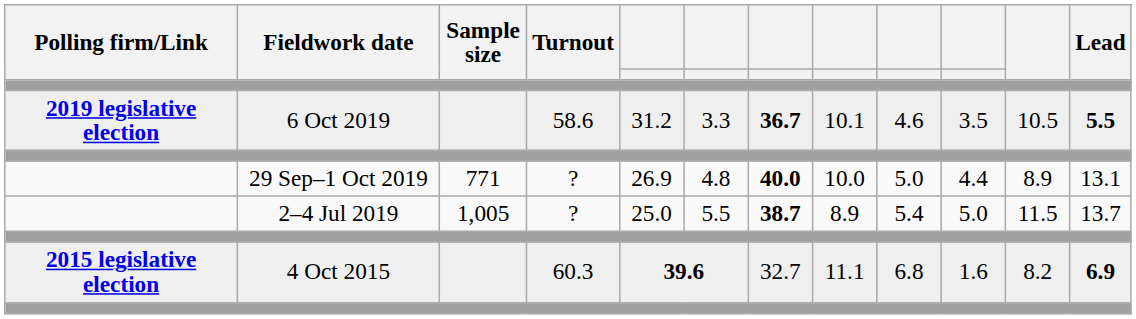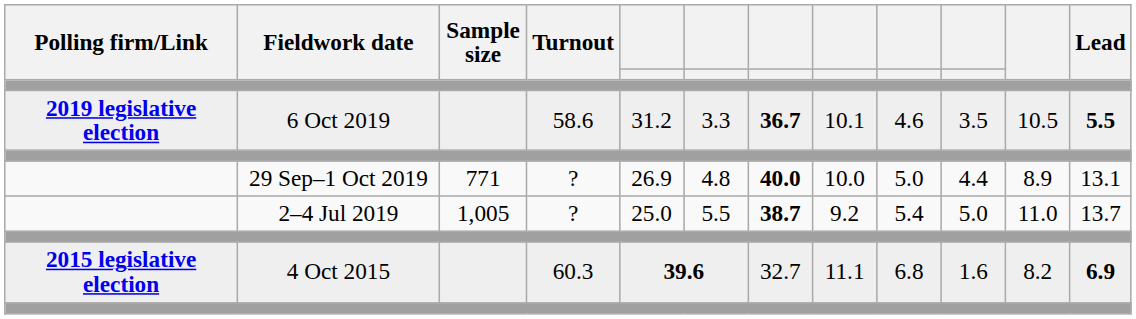 <table class="wikitable collapsible" style="text-align:center; font-size:95%; line-height:16px;">
 <tr style="height:42px;">
 <th style="width:145px;" rowspan="2">Polling firm/Link</th>
 <th style="width:125px;" rowspan="2">Fieldwork date</th>
 <th style="width:50px;" rowspan="2">Sample size</th>
 <th style="width:45px;" rowspan="2">Turnout</th>
 <th style="width:35px;"></th>
 <th style="width:35px;"></th>
 <th style="width:35px;"></th>
 <th style="width:35px;"></th>
 <th style="width:35px;"></th>
 <th style="width:35px;"></th>
 <th style="width:35px;" rowspan="2"></th>
 <th style="width:30px;" rowspan="2">Lead</th>
 </tr>
 <tr>
 <th style="color:inherit;background:"></th>
 <th style="color:inherit;background:"></th>
 <th style="color:inherit;background:"></th>
 <th style="color:inherit;background:"></th>
 <th style="color:inherit;background:"></th>
 <th style="color:inherit;background:"></th>
 </tr>
 <tr>
 <td colspan="12" style="background:#A0A0A0"></td>
 </tr>
 <tr style="background:#EFEFEF;">
 <td><strong><a href='#'>2019 legislative election</a></strong></td>
 <td data-sort-value="2019-10-06">6 Oct 2019</td>
 <td></td>
 <td>58.6</td>
 <td>31.2<br></td>
 <td>3.3<br></td>
 <td><strong>36.7</strong><br></td>
 <td>10.1<br></td>
 <td>4.6<br></td>
 <td>3.5<br></td>
 <td>10.5<br></td>
 <td style="background:"><strong>5.5</strong></td>
 </tr>
 <tr>
 <td colspan="12" style="background:#A0A0A0"></td>
 </tr>
 <tr>
 <td></td>
 <td>29 Sep–1 Oct 2019</td>
 <td>771</td>
 <td>?</td>
 <td>26.9<br></td>
 <td>4.8<br></td>
 <td><strong>40.0</strong><br></td>
 <td>10.0<br></td>
 <td>5.0<br></td>
 <td>4.4<br></td>
 <td>8.9<br></td>
 <td style="background:">13.1</td>
 </tr>
 <tr>
 <td></td>
 <td>2–4 Jul 2019</td>
 <td>1,005</td>
 <td>?</td>
 <td>25.0<br></td>
 <td>5.5<br></td>
 <td><strong>38.7</strong><br></td>
-<td>8.9<br></td>
+<td>9.2<br></td>
 <td>5.4<br></td>
 <td>5.0<br></td>
-<td>11.5<br></td>
+<td>11.0<br></td>
 <td style="background:">13.7</td>
 </tr>
 <tr>
 <td colspan="12" style="background:#A0A0A0"></td>
 </tr>
 <tr style="background:#EFEFEF;">
 <td><strong><a href='#'>2015 legislative election</a></strong></td>
 <td>4 Oct 2015</td>
 <td></td>
 <td>60.3</td>
 <td colspan="2" ><strong>39.6</strong><br></td>
 <td>32.7<br></td>
 <td>11.1<br></td>
 <td>6.8<br></td>
 <td>1.6<br></td>
 <td>8.2<br></td>
 <td style="background:"><strong>6.9</strong></td>
 </tr>
 <tr>
 <td colspan="12" style="background:#A0A0A0"></td>
 </tr>
 </table>
